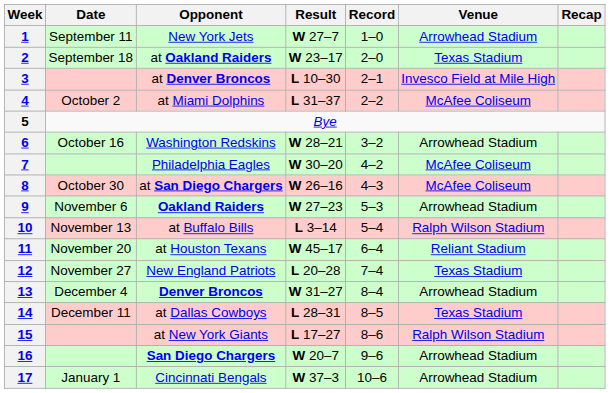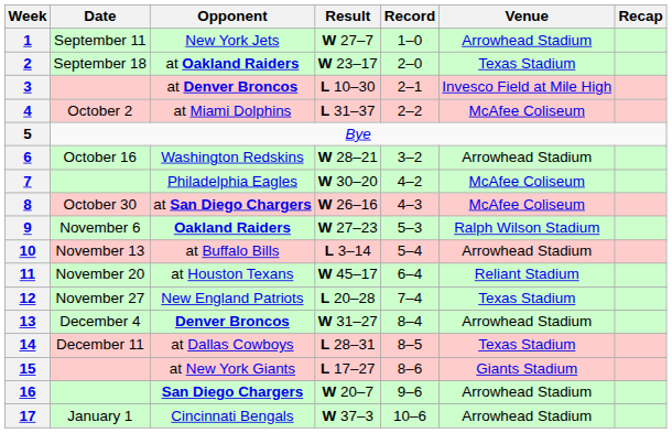 <table class="wikitable" style="text-align:center">
 <tr>
 <th>Week</th>
 <th>Date</th>
 <th>Opponent</th>
 <th>Result</th>
 <th>Record</th>
 <th>Venue</th>
 <th>Recap</th>
 </tr>
 <tr style="background:#cfc">
 <th><a href='#'>1</a></th>
 <td>September 11</td>
 <td><a href='#'>New York Jets</a></td>
 <td><strong>W</strong> 27–7</td>
 <td>1–0</td>
 <td><a href='#'>Arrowhead Stadium</a></td>
 <td></td>
 </tr>
 <tr style="background:#cfc">
 <th><a href='#'>2</a></th>
 <td>September 18</td>
 <td>at <strong><a href='#'>Oakland Raiders</a></strong></td>
 <td><strong>W</strong> 23–17</td>
 <td>2–0</td>
 <td><a href='#'>Texas Stadium</a></td>
 <td></td>
 </tr>
 <tr style="background:#fcc">
 <th><a href='#'>3</a></th>
 <td></td>
 <td>at <strong><a href='#'>Denver Broncos</a></strong></td>
 <td><strong>L</strong> 10–30</td>
 <td>2–1</td>
 <td><a href='#'>Invesco Field at Mile High</a></td>
 <td></td>
 </tr>
 <tr style="background:#fcc">
 <th><a href='#'>4</a></th>
 <td>October 2</td>
 <td>at <a href='#'>Miami Dolphins</a></td>
 <td><strong>L</strong> 31–37</td>
 <td>2–2</td>
 <td><a href='#'>McAfee Coliseum</a></td>
 <td></td>
 </tr>
 <tr>
 <th>5</th>
 <td colspan="6"><em><a href='#'>Bye</a></em></td>
 </tr>
 <tr style="background:#cfc">
 <th><a href='#'>6</a></th>
 <td>October 16</td>
 <td><a href='#'>Washington Redskins</a></td>
 <td><strong>W</strong> 28–21</td>
 <td>3–2</td>
 <td>Arrowhead Stadium</td>
 <td></td>
 </tr>
 <tr style="background:#cfc">
 <th><a href='#'>7</a></th>
 <td></td>
 <td><a href='#'>Philadelphia Eagles</a></td>
 <td><strong>W</strong> 30–20</td>
 <td>4–2</td>
 <td><a href='#'>McAfee Coliseum</a></td>
 <td></td>
 </tr>
 <tr style="background:#fcc">
 <th><a href='#'>8</a></th>
 <td>October 30</td>
 <td>at <strong><a href='#'>San Diego Chargers</a></strong></td>
 <td><strong>W</strong> 26–16</td>
 <td>4–3</td>
 <td><a href='#'>McAfee Coliseum</a></td>
 <td></td>
 </tr>
 <tr style="background:#cfc">
 <th><a href='#'>9</a></th>
 <td>November 6</td>
 <td><strong><a href='#'>Oakland Raiders</a></strong></td>
 <td><strong>W</strong> 27–23</td>
 <td>5–3</td>
-<td>Arrowhead Stadium</td>
+<td><a href='#'>Ralph Wilson Stadium</a></td>
 <td></td>
 </tr>
 <tr style="background:#fcc">
 <th><a href='#'>10</a></th>
 <td>November 13</td>
 <td>at <a href='#'>Buffalo Bills</a></td>
 <td><strong>L</strong> 3–14</td>
 <td>5–4</td>
-<td><a href='#'>Ralph Wilson Stadium</a></td>
+<td>Arrowhead Stadium</td>
 <td></td>
 </tr>
 <tr style="background:#cfc">
 <th><a href='#'>11</a></th>
 <td>November 20</td>
 <td>at <a href='#'>Houston Texans</a></td>
 <td><strong>W</strong> 45–17</td>
 <td>6–4</td>
 <td><a href='#'>Reliant Stadium</a></td>
 <td></td>
 </tr>
 <tr style="background:#cfc">
 <th><a href='#'>12</a></th>
 <td>November 27</td>
 <td><a href='#'>New England Patriots</a></td>
 <td><strong>L</strong> 20–28</td>
 <td>7–4</td>
 <td><a href='#'>Texas Stadium</a></td>
 <td></td>
 </tr>
 <tr style="background:#cfc">
 <th><a href='#'>13</a></th>
 <td>December 4</td>
 <td><strong><a href='#'>Denver Broncos</a></strong></td>
 <td><strong>W</strong> 31–27</td>
 <td>8–4</td>
 <td>Arrowhead Stadium</td>
 <td></td>
 </tr>
 <tr style="background:#fcc">
 <th><a href='#'>14</a></th>
 <td>December 11</td>
 <td>at <a href='#'>Dallas Cowboys</a></td>
 <td><strong>L</strong> 28–31</td>
 <td>8–5</td>
 <td><a href='#'>Texas Stadium</a></td>
 <td></td>
 </tr>
 <tr style="background:#fcc">
 <th><a href='#'>15</a></th>
 <td></td>
 <td>at <a href='#'>New York Giants</a></td>
 <td><strong>L</strong> 17–27</td>
 <td>8–6</td>
-<td><a href='#'>Ralph Wilson Stadium</a></td>
+<td><a href='#'>Giants Stadium</a></td>
 <td></td>
 </tr>
 <tr style="background:#cfc">
 <th><a href='#'>16</a></th>
 <td></td>
 <td><strong><a href='#'>San Diego Chargers</a></strong></td>
 <td><strong>W</strong> 20–7</td>
 <td>9–6</td>
 <td>Arrowhead Stadium</td>
 <td></td>
 </tr>
 <tr style="background:#cfc">
 <th><a href='#'>17</a></th>
 <td>January 1</td>
 <td><a href='#'>Cincinnati Bengals</a></td>
 <td><strong>W</strong> 37–3</td>
 <td>10–6</td>
 <td>Arrowhead Stadium</td>
 <td></td>
 </tr>
 </table>
